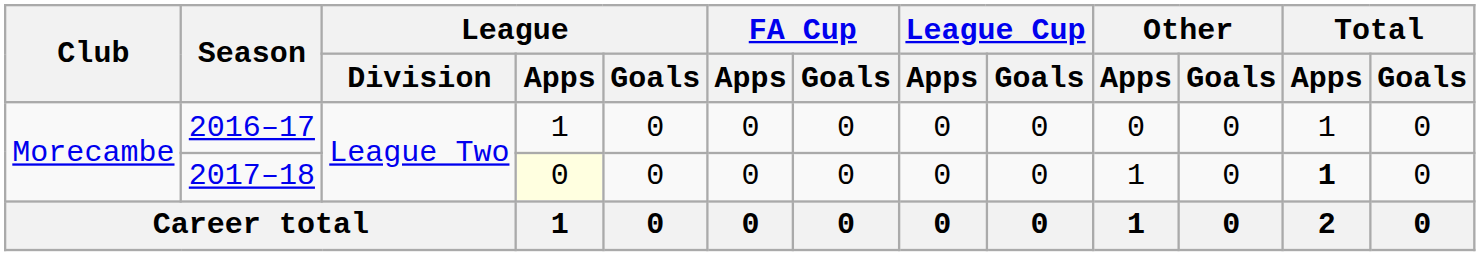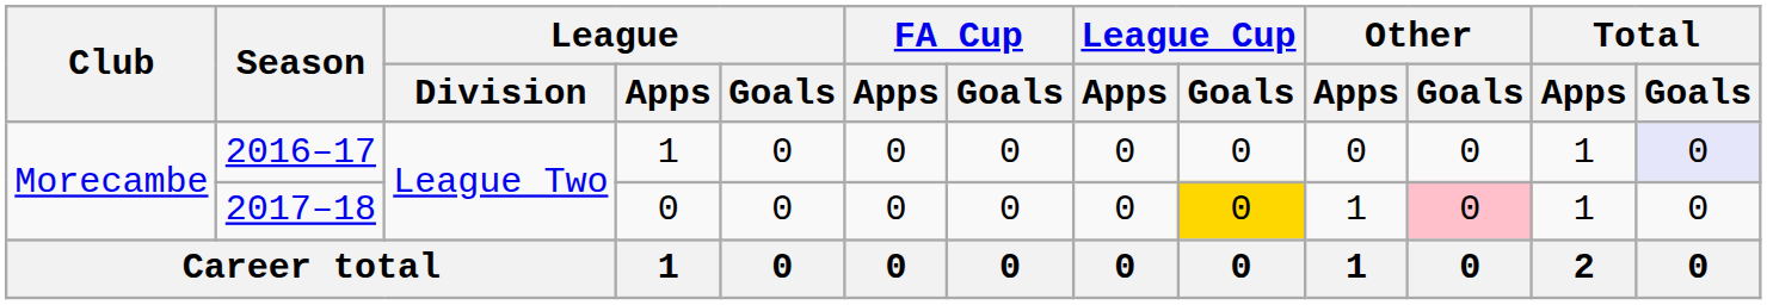 <table class="wikitable" style="text-align:center">
 <tr>
 <th rowspan="2">Club</th>
 <th rowspan="2">Season</th>
 <th colspan="3">League</th>
 <th colspan="2"><a href='#'>FA Cup</a></th>
 <th colspan="2"><a href='#'>League Cup</a></th>
 <th colspan="2">Other</th>
 <th colspan="2">Total</th>
 </tr>
 <tr>
 <th>Division</th>
 <th>Apps</th>
 <th>Goals</th>
 <th>Apps</th>
 <th>Goals</th>
 <th>Apps</th>
 <th>Goals</th>
 <th>Apps</th>
 <th>Goals</th>
 <th>Apps</th>
 <th>Goals</th>
 </tr>
 <tr>
 <td rowspan="2"><a href='#'>Morecambe</a></td>
 <td><a href='#'>2016–17</a></td>
 <td rowspan="2"><a href='#'>League Two</a></td>
 <td>1</td>
 <td>0</td>
 <td>0</td>
 <td>0</td>
 <td>0</td>
 <td>0</td>
 <td>0</td>
 <td>0</td>
 <td>1</td>
-<td>0</td>
+<td style="background: lavender;">0</td>
 </tr>
 <tr>
 <td><a href='#'>2017–18</a></td>
-<td style="background: lightyellow;">0</td>
 <td>0</td>
 <td>0</td>
 <td>0</td>
 <td>0</td>
 <td>0</td>
+<td style="background: gold;">0</td>
 <td>1</td>
-<td>0</td>
-<td><strong>1</strong></td>
+<td style="background: pink;">0</td>
+<td>1</td>
 <td>0</td>
 </tr>
 <tr>
 <th colspan="3">Career total</th>
 <th>1</th>
 <th>0</th>
 <th>0</th>
 <th>0</th>
 <th>0</th>
 <th>0</th>
 <th>1</th>
 <th>0</th>
 <th>2</th>
 <th>0</th>
 </tr>
 </table>
